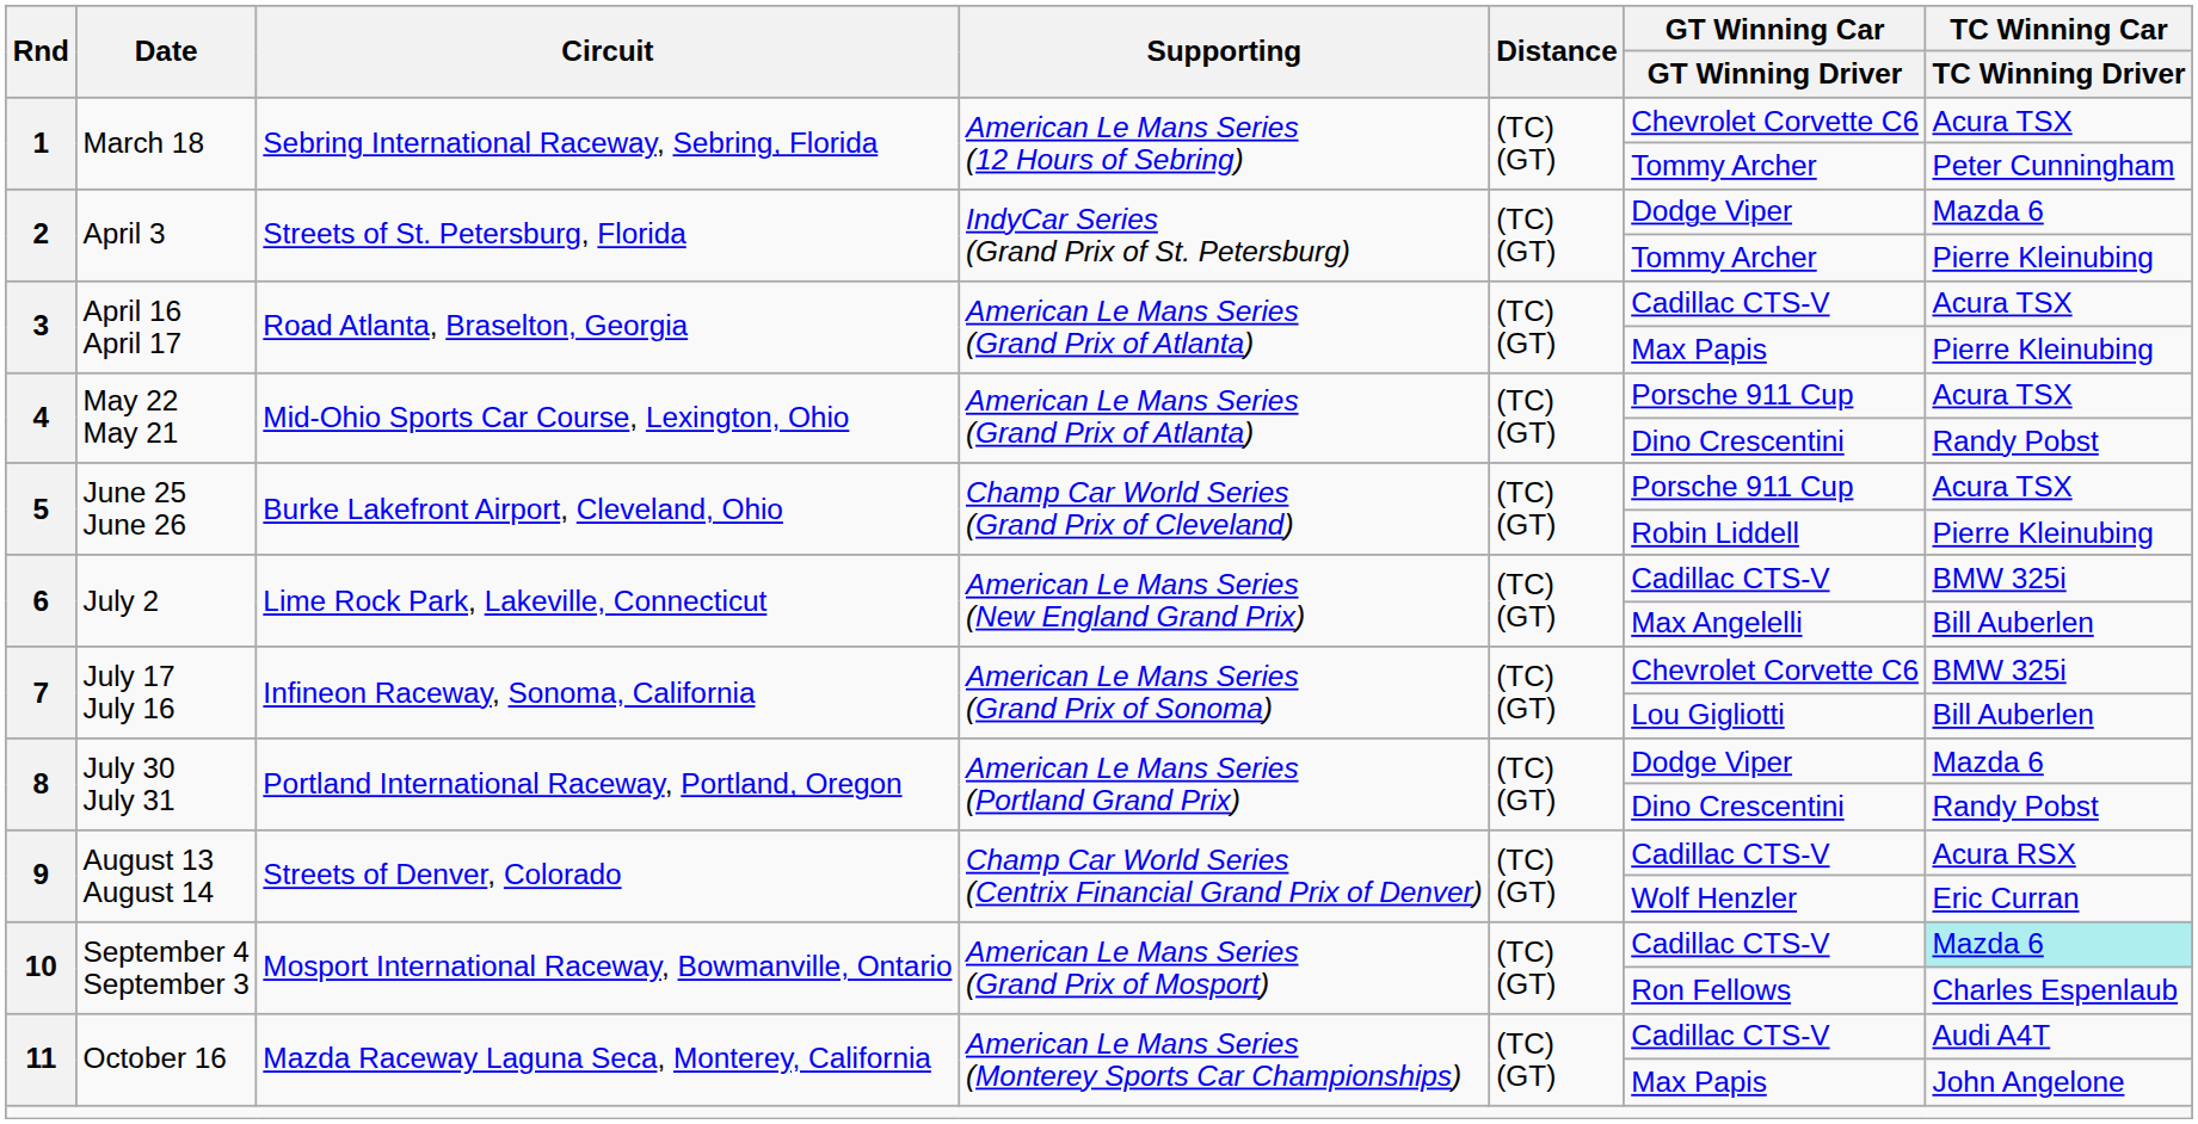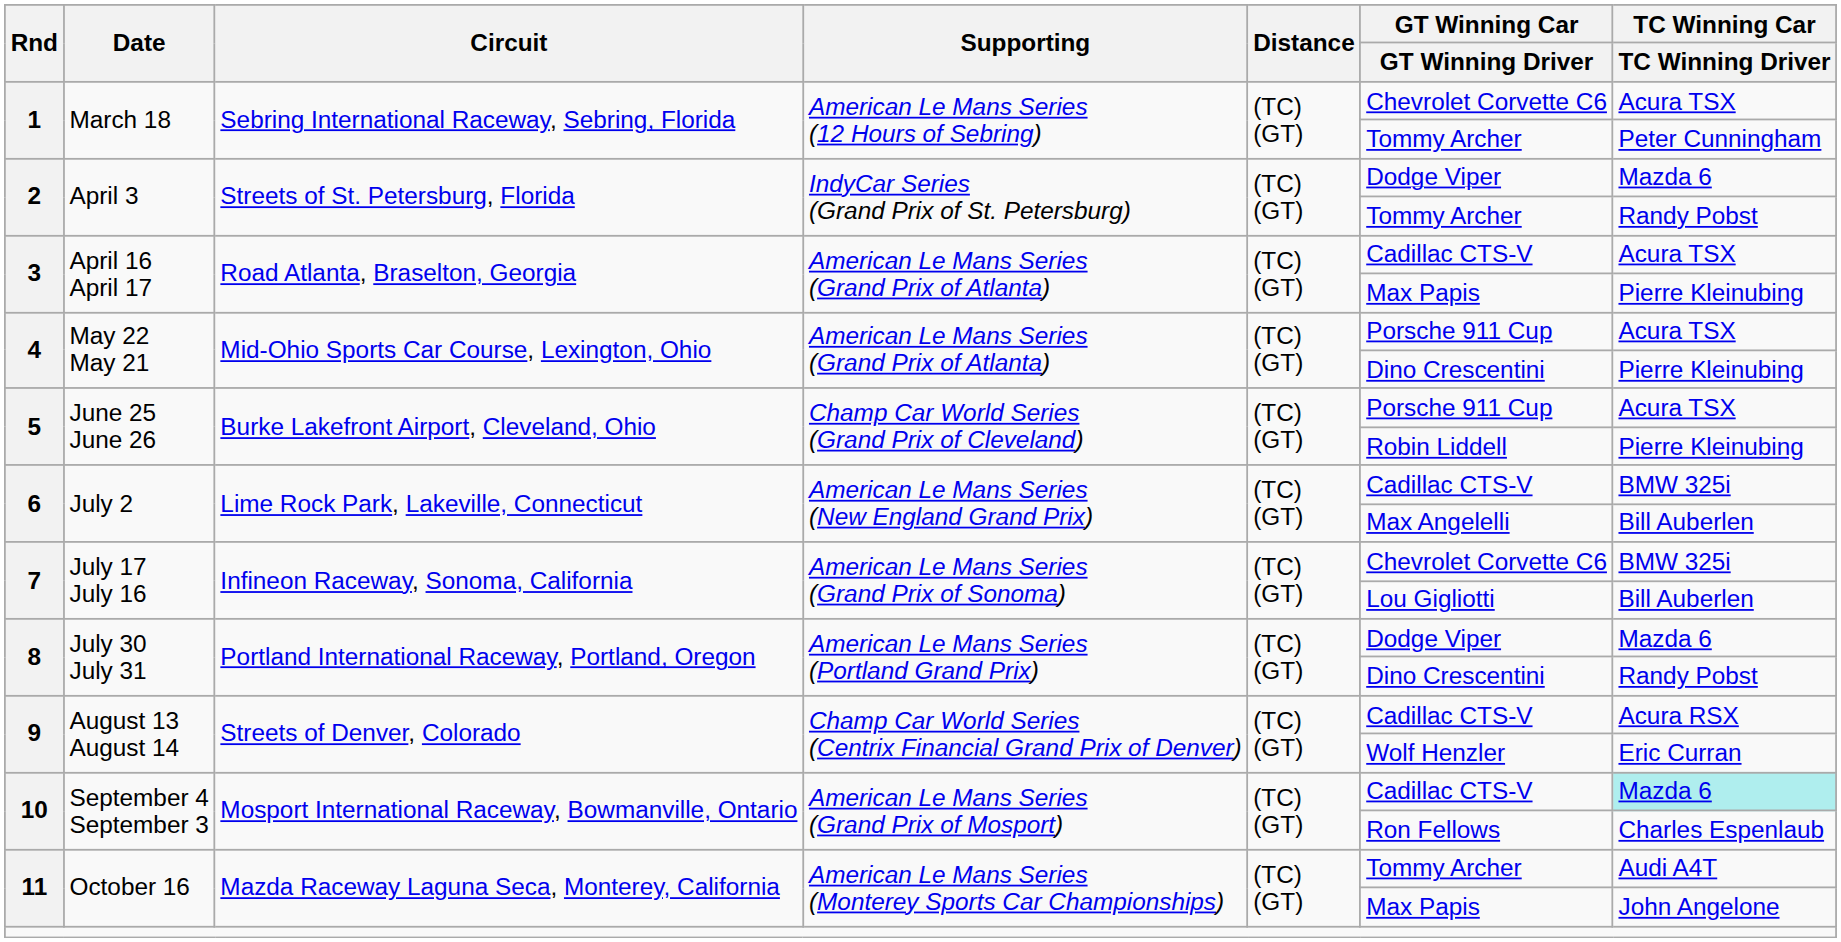 <table class="wikitable" style="font-size: 85%">
 <tr>
 <th rowspan=2>Rnd</th>
 <th rowspan=2>Date</th>
 <th rowspan=2>Circuit</th>
 <th rowspan=2>Supporting</th>
 <th rowspan=2>Distance</th>
 <th>GT Winning Car</th>
 <th>TC Winning Car</th>
 </tr>
 <tr>
 <th>GT Winning Driver</th>
 <th>TC Winning Driver</th>
 </tr>
 <tr>
 <th rowspan=2>1</th>
 <td rowspan=2>March 18</td>
 <td rowspan=2><a href='#'>Sebring International Raceway</a>, <a href='#'>Sebring, Florida</a></td>
 <td rowspan=2><em><a href='#'>American Le Mans Series</a></em><br><em>(<a href='#'>12 Hours of Sebring</a>)</em></td>
 <td rowspan=2> (TC)<br> (GT)</td>
 <td><a href='#'>Chevrolet Corvette C6</a></td>
 <td><a href='#'>Acura TSX</a></td>
 </tr>
 <tr>
 <td> <a href='#'>Tommy Archer</a></td>
 <td> <a href='#'>Peter Cunningham</a></td>
 </tr>
 <tr>
 <th rowspan=2>2</th>
 <td rowspan=2>April 3</td>
 <td rowspan=2><a href='#'>Streets of St. Petersburg</a>, <a href='#'>Florida</a></td>
 <td rowspan=2><em><a href='#'>IndyCar Series</a></em><br><em>(Grand Prix of St. Petersburg)</em></td>
 <td rowspan=2> (TC)<br> (GT)</td>
 <td><a href='#'>Dodge Viper</a></td>
 <td><a href='#'>Mazda 6</a></td>
 </tr>
 <tr>
 <td> <a href='#'>Tommy Archer</a></td>
-<td> <a href='#'>Pierre Kleinubing</a></td>
+<td> <a href='#'>Randy Pobst</a></td>
 </tr>
 <tr>
 <th rowspan=2>3</th>
 <td rowspan=2>April 16<br>April 17</td>
 <td rowspan=2><a href='#'>Road Atlanta</a>, <a href='#'>Braselton, Georgia</a></td>
 <td rowspan=2><em><a href='#'>American Le Mans Series</a></em><br><em>(<a href='#'>Grand Prix of Atlanta</a>)</em></td>
 <td rowspan=2> (TC)<br> (GT)</td>
 <td><a href='#'>Cadillac CTS-V</a></td>
 <td><a href='#'>Acura TSX</a></td>
 </tr>
 <tr>
 <td> <a href='#'>Max Papis</a></td>
 <td> <a href='#'>Pierre Kleinubing</a></td>
 </tr>
 <tr>
 <th rowspan=2>4</th>
 <td rowspan=2>May 22<br>May 21</td>
 <td rowspan=2><a href='#'>Mid-Ohio Sports Car Course</a>, <a href='#'>Lexington, Ohio</a></td>
 <td rowspan=2><em><a href='#'>American Le Mans Series</a></em><br><em>(<a href='#'>Grand Prix of Atlanta</a>)</em></td>
 <td rowspan=2> (TC)<br> (GT)</td>
 <td><a href='#'>Porsche 911 Cup</a></td>
 <td><a href='#'>Acura TSX</a></td>
 </tr>
 <tr>
 <td> <a href='#'>Dino Crescentini</a></td>
-<td> <a href='#'>Randy Pobst</a></td>
+<td> <a href='#'>Pierre Kleinubing</a></td>
 </tr>
 <tr>
 <th rowspan=2>5</th>
 <td rowspan=2>June 25<br>June 26</td>
 <td rowspan=2><a href='#'>Burke Lakefront Airport</a>, <a href='#'>Cleveland, Ohio</a></td>
 <td rowspan=2><em><a href='#'>Champ Car World Series</a></em><br><em>(<a href='#'>Grand Prix of Cleveland</a>)</em></td>
 <td rowspan=2> (TC)<br> (GT)</td>
 <td><a href='#'>Porsche 911 Cup</a></td>
 <td><a href='#'>Acura TSX</a></td>
 </tr>
 <tr>
 <td> <a href='#'>Robin Liddell</a></td>
 <td> <a href='#'>Pierre Kleinubing</a></td>
 </tr>
 <tr>
 <th rowspan=2>6</th>
 <td rowspan=2>July 2</td>
 <td rowspan=2><a href='#'>Lime Rock Park</a>, <a href='#'>Lakeville, Connecticut</a></td>
 <td rowspan=2><em><a href='#'>American Le Mans Series</a></em><br><em>(<a href='#'>New England Grand Prix</a>)</em></td>
 <td rowspan=2> (TC)<br> (GT)</td>
 <td><a href='#'>Cadillac CTS-V</a></td>
 <td><a href='#'>BMW 325i</a></td>
 </tr>
 <tr>
 <td> <a href='#'>Max Angelelli</a></td>
 <td> <a href='#'>Bill Auberlen</a></td>
 </tr>
 <tr>
 <th rowspan=2>7</th>
 <td rowspan=2>July 17<br>July 16</td>
 <td rowspan=2><a href='#'>Infineon Raceway</a>, <a href='#'>Sonoma, California</a></td>
 <td rowspan=2><em><a href='#'>American Le Mans Series</a></em><br><em>(<a href='#'>Grand Prix of Sonoma</a>)</em></td>
 <td rowspan=2> (TC)<br> (GT)</td>
 <td><a href='#'>Chevrolet Corvette C6</a></td>
 <td><a href='#'>BMW 325i</a></td>
 </tr>
 <tr>
 <td> <a href='#'>Lou Gigliotti</a></td>
 <td> <a href='#'>Bill Auberlen</a></td>
 </tr>
 <tr>
 <th rowspan=2>8</th>
 <td rowspan=2>July 30<br>July 31</td>
 <td rowspan=2><a href='#'>Portland International Raceway</a>, <a href='#'>Portland, Oregon</a></td>
 <td rowspan=2><em><a href='#'>American Le Mans Series</a></em><br><em>(<a href='#'>Portland Grand Prix</a>)</em></td>
 <td rowspan=2> (TC)<br> (GT)</td>
 <td><a href='#'>Dodge Viper</a></td>
 <td><a href='#'>Mazda 6</a></td>
 </tr>
 <tr>
 <td> <a href='#'>Dino Crescentini</a></td>
 <td> <a href='#'>Randy Pobst</a></td>
 </tr>
 <tr>
 <th rowspan=2>9</th>
 <td rowspan=2>August 13<br>August 14</td>
 <td rowspan=2><a href='#'>Streets of Denver</a>, <a href='#'>Colorado</a></td>
 <td rowspan=2><em><a href='#'>Champ Car World Series</a></em><br><em>(<a href='#'>Centrix Financial Grand Prix of Denver</a>)</em></td>
 <td rowspan=2> (TC)<br> (GT)</td>
 <td><a href='#'>Cadillac CTS-V</a></td>
 <td><a href='#'>Acura RSX</a></td>
 </tr>
 <tr>
 <td> <a href='#'>Wolf Henzler</a></td>
 <td> <a href='#'>Eric Curran</a></td>
 </tr>
 <tr>
 <th rowspan=2>10</th>
 <td rowspan=2>September 4<br>September 3</td>
 <td rowspan=2><a href='#'>Mosport International Raceway</a>, <a href='#'>Bowmanville, Ontario</a></td>
 <td rowspan=2><em><a href='#'>American Le Mans Series</a></em><br><em>(<a href='#'>Grand Prix of Mosport</a>)</em></td>
 <td rowspan=2> (TC)<br> (GT)</td>
 <td><a href='#'>Cadillac CTS-V</a></td>
 <td style="background: paleturquoise;"><a href='#'>Mazda 6</a></td>
 </tr>
 <tr>
 <td> <a href='#'>Ron Fellows</a></td>
 <td> <a href='#'>Charles Espenlaub</a></td>
 </tr>
 <tr>
 <th rowspan=2>11</th>
 <td rowspan=2>October 16</td>
 <td rowspan=2><a href='#'>Mazda Raceway Laguna Seca</a>, <a href='#'>Monterey, California</a></td>
 <td rowspan=2><em><a href='#'>American Le Mans Series</a></em><br><em>(<a href='#'>Monterey Sports Car Championships</a>)</em></td>
 <td rowspan=2> (TC)<br> (GT)</td>
-<td><a href='#'>Cadillac CTS-V</a></td>
+<td> <a href='#'>Tommy Archer</a></td>
 <td><a href='#'>Audi A4T</a></td>
 </tr>
 <tr>
 <td> <a href='#'>Max Papis</a></td>
 <td> <a href='#'>John Angelone</a></td>
 </tr>
 <tr>
 <td colspan=8 align=center></td>
 </tr>
 </table>
